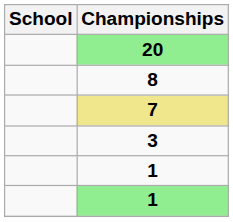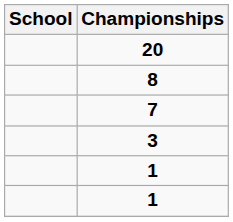 <table class="wikitable sortable" style="text-align:center">
 <tr>
 <th>School</th>
 <th>Championships</th>
 </tr>
 <tr>
 <td><strong><a href='#'></a></strong></td>
-<td style="background: lightgreen;"><strong>20</strong></td>
+<td><strong>20</strong></td>
 </tr>
 <tr>
 <td><strong><a href='#'></a></strong></td>
 <td><strong>8</strong></td>
 </tr>
 <tr>
 <td><strong><a href='#'></a></strong></td>
-<td style="background: khaki;"><strong>7</strong></td>
+<td><strong>7</strong></td>
 </tr>
 <tr>
 <td><strong><a href='#'></a></strong></td>
 <td><strong>3</strong></td>
 </tr>
 <tr>
 <td><strong><a href='#'></a></strong></td>
 <td><strong>1</strong></td>
 </tr>
 <tr>
 <td><strong><a href='#'></a></strong></td>
-<td style="background: lightgreen;"><strong>1</strong></td>
+<td><strong>1</strong></td>
 </tr>
 <tr>
 </tr>
 </table>
